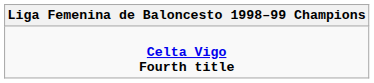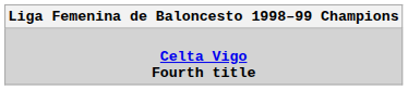 <table class=wikitable style="text-align:center; margin:auto">
 <tr>
 <th>Liga Femenina de Baloncesto 1998–99 Champions</th>
 </tr>
 <tr>
-<td> <br> <strong><a href='#'>Celta Vigo</a></strong> <br> <strong>Fourth title</strong></td>
+<td style="background: lightgrey;"> <br> <strong><a href='#'>Celta Vigo</a></strong> <br> <strong>Fourth title</strong></td>
 </tr>
 </table>
